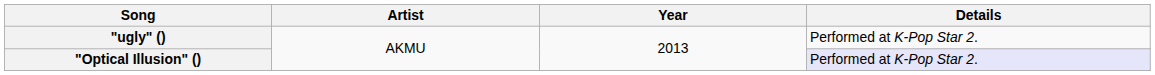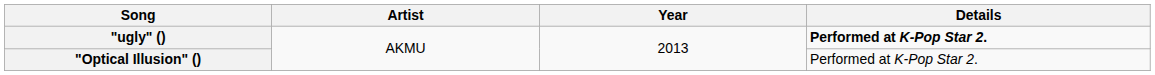 <table class="wikitable plainrowheaders" style="text-align:center;">
 <tr>
 <th width="300px">Song</th>
 <th width="300px">Artist</th>
 <th width="300px">Year</th>
 <th style="width:30%">Details</th>
 </tr>
 <tr>
 <th scope="row">"ugly" ()</th>
 <td rowspan="2">AKMU</td>
 <td rowspan="2">2013</td>
-<td style="text-align:left">Performed at <em>K-Pop Star 2</em>.</td>
+<td style="text-align:left"><strong>Performed at <em>K-Pop Star 2</em>.</strong></td>
 </tr>
 <tr>
 <th scope="row">"Optical Illusion" ()</th>
-<td style="background: lavender; text-align:left">Performed at <em>K-Pop Star 2</em>.</td>
+<td style="text-align:left">Performed at <em>K-Pop Star 2</em>.</td>
 </tr>
 </table>
